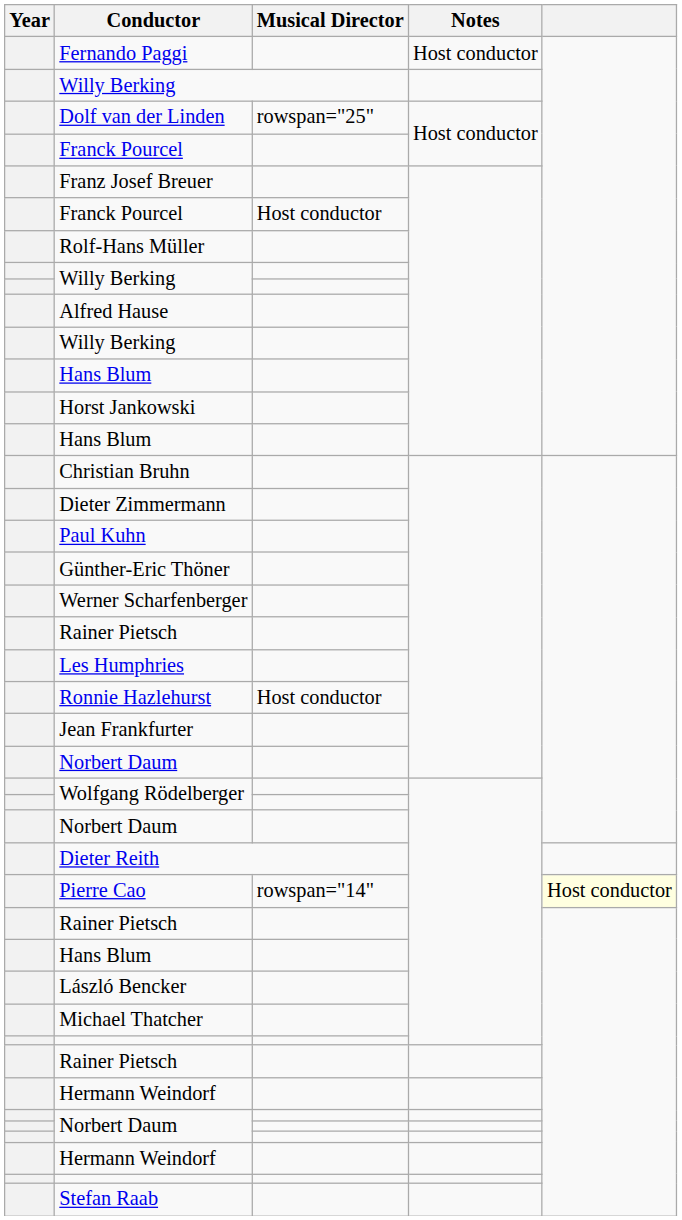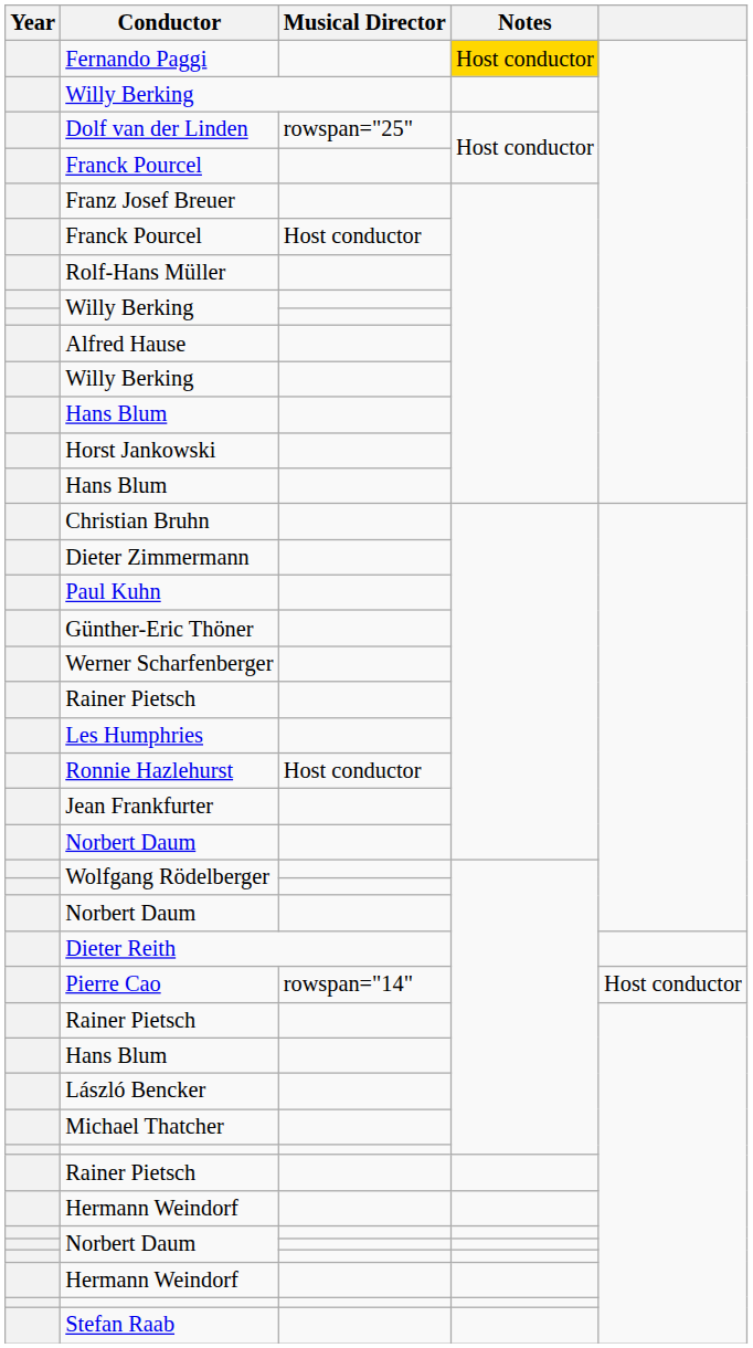 <table class="wikitable plainrowheaders">
 <tr>
 <th>Year</th>
 <th>Conductor</th>
 <th>Musical Director</th>
 <th>Notes</th>
 <th></th>
 </tr>
 <tr>
 <th scope="row"></th>
 <td> <a href='#'>Fernando Paggi</a></td>
 <td></td>
-<td>Host conductor</td>
+<td style="background: gold;">Host conductor</td>
 <td rowspan="14"></td>
 </tr>
 <tr>
 <th scope="row"></th>
 <td colspan="2"><a href='#'>Willy Berking</a></td>
 <td></td>
 </tr>
 <tr>
 <th scope="row"></th>
 <td> <a href='#'>Dolf van der Linden</a></td>
 <td>rowspan="25" </td>
 <td rowspan="2">Host conductor</td>
 </tr>
 <tr>
 <th scope="row"></th>
 <td> <a href='#'>Franck Pourcel</a></td>
 </tr>
 <tr>
 <th scope="row"></th>
 <td>Franz Josef Breuer</td>
 <td></td>
 </tr>
 <tr>
 <th scope="row"></th>
 <td> Franck Pourcel</td>
 <td>Host conductor</td>
 </tr>
 <tr>
 <th scope="row"></th>
 <td>Rolf-Hans Müller</td>
 <td></td>
 </tr>
 <tr>
 <th scope="row"></th>
 <td rowspan="2">Willy Berking</td>
 <td></td>
 </tr>
 <tr>
 <th scope="row"></th>
 <td></td>
 </tr>
 <tr>
 <th scope="row"></th>
 <td>Alfred Hause</td>
 <td></td>
 </tr>
 <tr>
 <th scope="row"></th>
 <td>Willy Berking</td>
 <td></td>
 </tr>
 <tr>
 <th scope="row"></th>
 <td><a href='#'>Hans Blum</a></td>
 <td></td>
 </tr>
 <tr>
 <th scope="row"></th>
 <td>Horst Jankowski</td>
 <td></td>
 </tr>
 <tr>
 <th scope="row"></th>
 <td>Hans Blum</td>
 <td></td>
 </tr>
 <tr>
 <th scope="row"></th>
 <td>Christian Bruhn</td>
 <td></td>
 <td rowspan="10"></td>
 </tr>
 <tr>
 <th scope="row"></th>
 <td>Dieter Zimmermann</td>
 <td></td>
 </tr>
 <tr>
 <th scope="row"></th>
 <td><a href='#'>Paul Kuhn</a></td>
 <td></td>
 </tr>
 <tr>
 <th scope="row"></th>
 <td>Günther-Eric Thöner</td>
 <td></td>
 </tr>
 <tr>
 <th scope="row"></th>
 <td>Werner Scharfenberger</td>
 <td></td>
 </tr>
 <tr>
 <th scope="row"></th>
 <td>Rainer Pietsch</td>
 <td></td>
 </tr>
 <tr>
 <th scope="row"></th>
 <td> <a href='#'>Les Humphries</a></td>
 <td></td>
 </tr>
 <tr>
 <th scope="row"></th>
 <td> <a href='#'>Ronnie Hazlehurst</a></td>
 <td>Host conductor</td>
 </tr>
 <tr>
 <th scope="row"></th>
 <td>Jean Frankfurter</td>
 <td></td>
 </tr>
 <tr>
 <th scope="row"></th>
 <td> <a href='#'>Norbert Daum</a></td>
 <td></td>
 </tr>
 <tr>
 <th scope="row"></th>
 <td rowspan="2">Wolfgang Rödelberger</td>
 <td></td>
 <td rowspan="10"></td>
 </tr>
 <tr>
 <th scope="row"></th>
 <td></td>
 </tr>
 <tr>
 <th scope="row"></th>
 <td> Norbert Daum</td>
 <td></td>
 </tr>
 <tr>
 <th scope="row"></th>
 <td colspan="2"><a href='#'>Dieter Reith</a></td>
 <td></td>
 </tr>
 <tr>
 <th scope="row"></th>
 <td> <a href='#'>Pierre Cao</a></td>
 <td>rowspan="14" </td>
-<td style="background: lightyellow;">Host conductor</td>
+<td>Host conductor</td>
 </tr>
 <tr>
 <th scope="row"></th>
 <td>Rainer Pietsch</td>
 <td></td>
 </tr>
 <tr>
 <th scope="row"></th>
 <td>Hans Blum</td>
 <td></td>
 </tr>
 <tr>
 <th scope="row"></th>
 <td> László Bencker</td>
 <td></td>
 </tr>
 <tr>
 <th scope="row"></th>
 <td> Michael Thatcher</td>
 <td></td>
 </tr>
 <tr>
 <th scope="row"></th>
 <td></td>
 <td></td>
 </tr>
 <tr>
 <th scope="row"></th>
 <td>Rainer Pietsch</td>
 <td></td>
 <td></td>
 </tr>
 <tr>
 <th scope="row"></th>
 <td>Hermann Weindorf</td>
 <td></td>
 <td></td>
 </tr>
 <tr>
 <th scope="row"></th>
 <td rowspan="3"> Norbert Daum</td>
 <td></td>
 <td></td>
 </tr>
 <tr>
 <th scope="row"></th>
 <td></td>
 <td></td>
 </tr>
 <tr>
 <th scope="row"></th>
 <td></td>
 <td></td>
 </tr>
 <tr>
 <th scope="row"></th>
 <td>Hermann Weindorf</td>
 <td></td>
 <td></td>
 </tr>
 <tr>
 <th scope="row"></th>
 <td></td>
 <td></td>
 <td></td>
 </tr>
 <tr>
 <th scope="row"></th>
 <td><a href='#'>Stefan Raab</a></td>
 <td></td>
 <td></td>
 </tr>
 </table>
